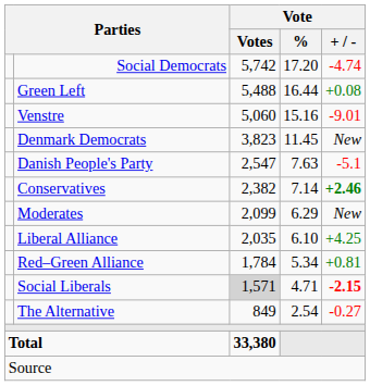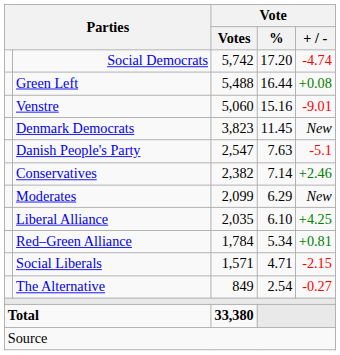 <table class="wikitable" style="text-align:right;">
 <tr>
 <th style="text-align:centre;" rowspan="2" colspan="2" width="225">Parties</th>
 <th colspan="3">Vote</th>
 </tr>
 <tr>
 <th width="15">Votes</th>
 <th width="15">%</th>
 <th width="15">+ / -</th>
 </tr>
 <tr>
 <td width=2 bgcolor=></td>
 <td><a href='#'>Social Democrats</a></td>
 <td>5,742</td>
 <td>17.20</td>
 <td style=color:red;>-4.74</td>
 </tr>
 <tr>
 <td width=2 bgcolor=></td>
 <td align=left><a href='#'>Green Left</a></td>
 <td>5,488</td>
 <td>16.44</td>
 <td style=color:green;>+0.08</td>
 </tr>
 <tr>
 <td width=2 bgcolor=></td>
 <td align=left><a href='#'>Venstre</a></td>
 <td>5,060</td>
 <td>15.16</td>
 <td style=color:red;>-9.01</td>
 </tr>
 <tr>
 <td width=2 bgcolor=></td>
 <td align=left><a href='#'>Denmark Democrats</a></td>
 <td>3,823</td>
 <td>11.45</td>
 <td><em>New</em></td>
 </tr>
 <tr>
 <td width=2 bgcolor=></td>
 <td align=left><a href='#'>Danish People's Party</a></td>
 <td>2,547</td>
 <td>7.63</td>
 <td style=color:red;>-5.1</td>
 </tr>
 <tr>
 <td width=2 bgcolor=></td>
 <td align=left><a href='#'>Conservatives</a></td>
 <td>2,382</td>
 <td>7.14</td>
-<td style=color:green;><strong>+2.46</strong></td>
+<td style=color:green;>+2.46</td>
 </tr>
 <tr>
 <td width=2 bgcolor=></td>
 <td align=left><a href='#'>Moderates</a></td>
 <td>2,099</td>
 <td>6.29</td>
 <td><em>New</em></td>
 </tr>
 <tr>
 <td width=2 bgcolor=></td>
 <td align=left><a href='#'>Liberal Alliance</a></td>
 <td>2,035</td>
 <td>6.10</td>
 <td style=color:green;>+4.25</td>
 </tr>
 <tr>
 <td width=2 bgcolor=></td>
 <td align=left><a href='#'>Red–Green Alliance</a></td>
 <td>1,784</td>
 <td>5.34</td>
 <td style=color:green;>+0.81</td>
 </tr>
 <tr>
 <td width=2 bgcolor=></td>
 <td align=left><a href='#'>Social Liberals</a></td>
-<td style="background: lightgrey;">1,571</td>
+<td>1,571</td>
 <td>4.71</td>
-<td style=color:red;><strong>-2.15</strong></td>
+<td style=color:red;>-2.15</td>
 </tr>
 <tr>
 <td width=2 bgcolor=></td>
 <td align=left><a href='#'>The Alternative</a></td>
 <td>849</td>
 <td>2.54</td>
 <td style=color:red;>-0.27</td>
 </tr>
 <tr>
 <td colspan="7" bgcolor="#E9E9E9"></td>
 </tr>
 <tr>
 <td align="left" colspan="2"><strong>Total</strong></td>
 <td><strong>33,380</strong></td>
 <td bgcolor=#E9E9E9 colspan=2></td>
 </tr>
 <tr>
 <td align="left" colspan="6">Source</td>
 </tr>
 </table>
